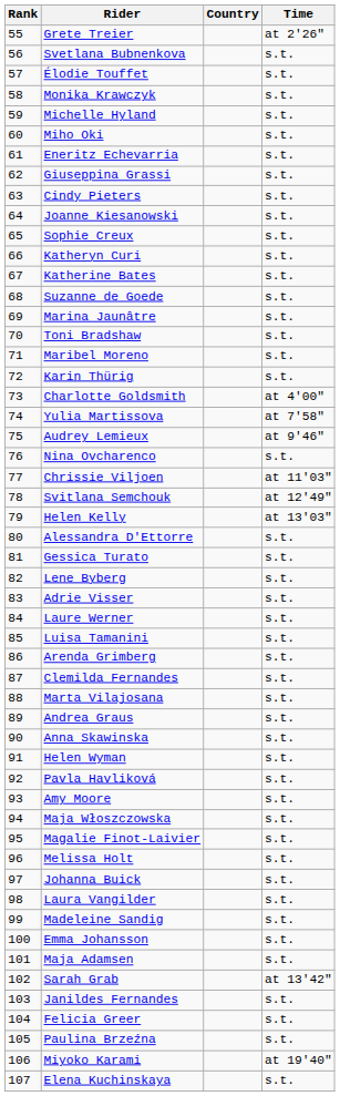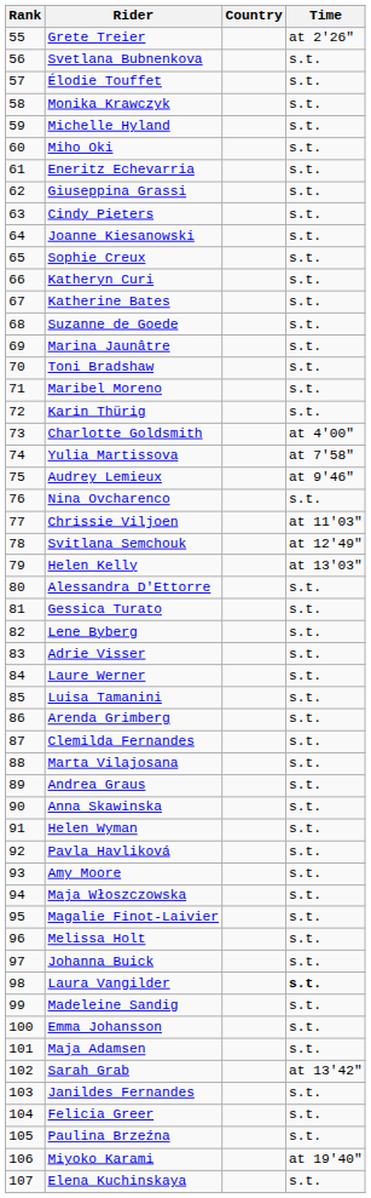 <table class="wikitable" style="font-size:95%; text-align:left;">
 <tr>
 <th>Rank</th>
 <th>Rider</th>
 <th>Country</th>
 <th>Time</th>
 </tr>
 <tr>
 <td>55</td>
 <td><a href='#'>Grete Treier</a></td>
 <td></td>
 <td>at 2'26"</td>
 </tr>
 <tr>
 <td>56</td>
 <td><a href='#'>Svetlana Bubnenkova</a></td>
 <td></td>
 <td>s.t.</td>
 </tr>
 <tr>
 <td>57</td>
 <td><a href='#'>Élodie Touffet</a></td>
 <td></td>
 <td>s.t.</td>
 </tr>
 <tr>
 <td>58</td>
 <td><a href='#'>Monika Krawczyk</a></td>
 <td></td>
 <td>s.t.</td>
 </tr>
 <tr>
 <td>59</td>
 <td><a href='#'>Michelle Hyland</a></td>
 <td></td>
 <td>s.t.</td>
 </tr>
 <tr>
 <td>60</td>
 <td><a href='#'>Miho Oki</a></td>
 <td></td>
 <td>s.t.</td>
 </tr>
 <tr>
 <td>61</td>
 <td><a href='#'>Eneritz Echevarria</a></td>
 <td></td>
 <td>s.t.</td>
 </tr>
 <tr>
 <td>62</td>
 <td><a href='#'>Giuseppina Grassi</a></td>
 <td></td>
 <td>s.t.</td>
 </tr>
 <tr>
 <td>63</td>
 <td><a href='#'>Cindy Pieters</a></td>
 <td></td>
 <td>s.t.</td>
 </tr>
 <tr>
 <td>64</td>
 <td><a href='#'>Joanne Kiesanowski</a></td>
 <td></td>
 <td>s.t.</td>
 </tr>
 <tr>
 <td>65</td>
 <td><a href='#'>Sophie Creux</a></td>
 <td></td>
 <td>s.t.</td>
 </tr>
 <tr>
 <td>66</td>
 <td><a href='#'>Katheryn Curi</a></td>
 <td></td>
 <td>s.t.</td>
 </tr>
 <tr>
 <td>67</td>
 <td><a href='#'>Katherine Bates</a></td>
 <td></td>
 <td>s.t.</td>
 </tr>
 <tr>
 <td>68</td>
 <td><a href='#'>Suzanne de Goede</a></td>
 <td></td>
 <td>s.t.</td>
 </tr>
 <tr>
 <td>69</td>
 <td><a href='#'>Marina Jaunâtre</a></td>
 <td></td>
 <td>s.t.</td>
 </tr>
 <tr>
 <td>70</td>
 <td><a href='#'>Toni Bradshaw</a></td>
 <td></td>
 <td>s.t.</td>
 </tr>
 <tr>
 <td>71</td>
 <td><a href='#'>Maribel Moreno</a></td>
 <td></td>
 <td>s.t.</td>
 </tr>
 <tr>
 <td>72</td>
 <td><a href='#'>Karin Thürig</a></td>
 <td></td>
 <td>s.t.</td>
 </tr>
 <tr>
 <td>73</td>
 <td><a href='#'>Charlotte Goldsmith</a></td>
 <td></td>
 <td>at 4'00"</td>
 </tr>
 <tr>
 <td>74</td>
 <td><a href='#'>Yulia Martissova</a></td>
 <td></td>
 <td>at 7'58"</td>
 </tr>
 <tr>
 <td>75</td>
 <td><a href='#'>Audrey Lemieux</a></td>
 <td></td>
 <td>at 9'46"</td>
 </tr>
 <tr>
 <td>76</td>
 <td><a href='#'>Nina Ovcharenco</a></td>
 <td></td>
 <td>s.t.</td>
 </tr>
 <tr>
 <td>77</td>
 <td><a href='#'>Chrissie Viljoen</a></td>
 <td></td>
 <td>at 11'03"</td>
 </tr>
 <tr>
 <td>78</td>
 <td><a href='#'>Svitlana Semchouk</a></td>
 <td></td>
 <td>at 12'49"</td>
 </tr>
 <tr>
 <td>79</td>
 <td><a href='#'>Helen Kelly</a></td>
 <td></td>
 <td>at 13'03"</td>
 </tr>
 <tr>
 <td>80</td>
 <td><a href='#'>Alessandra D'Ettorre</a></td>
 <td></td>
 <td>s.t.</td>
 </tr>
 <tr>
 <td>81</td>
 <td><a href='#'>Gessica Turato</a></td>
 <td></td>
 <td>s.t.</td>
 </tr>
 <tr>
 <td>82</td>
 <td><a href='#'>Lene Byberg</a></td>
 <td></td>
 <td>s.t.</td>
 </tr>
 <tr>
 <td>83</td>
 <td><a href='#'>Adrie Visser</a></td>
 <td></td>
 <td>s.t.</td>
 </tr>
 <tr>
 <td>84</td>
 <td><a href='#'>Laure Werner</a></td>
 <td></td>
 <td>s.t.</td>
 </tr>
 <tr>
 <td>85</td>
 <td><a href='#'>Luisa Tamanini</a></td>
 <td></td>
 <td>s.t.</td>
 </tr>
 <tr>
 <td>86</td>
 <td><a href='#'>Arenda Grimberg</a></td>
 <td></td>
 <td>s.t.</td>
 </tr>
 <tr>
 <td>87</td>
 <td><a href='#'>Clemilda Fernandes</a></td>
 <td></td>
 <td>s.t.</td>
 </tr>
 <tr>
 <td>88</td>
 <td><a href='#'>Marta Vilajosana</a></td>
 <td></td>
 <td>s.t.</td>
 </tr>
 <tr>
 <td>89</td>
 <td><a href='#'>Andrea Graus</a></td>
 <td></td>
 <td>s.t.</td>
 </tr>
 <tr>
 <td>90</td>
 <td><a href='#'>Anna Skawinska</a></td>
 <td></td>
 <td>s.t.</td>
 </tr>
 <tr>
 <td>91</td>
 <td><a href='#'>Helen Wyman</a></td>
 <td></td>
 <td>s.t.</td>
 </tr>
 <tr>
 <td>92</td>
 <td><a href='#'>Pavla Havliková</a></td>
 <td></td>
 <td>s.t.</td>
 </tr>
 <tr>
 <td>93</td>
 <td><a href='#'>Amy Moore</a></td>
 <td></td>
 <td>s.t.</td>
 </tr>
 <tr>
 <td>94</td>
 <td><a href='#'>Maja Włoszczowska</a></td>
 <td></td>
 <td>s.t.</td>
 </tr>
 <tr>
 <td>95</td>
 <td><a href='#'>Magalie Finot-Laivier</a></td>
 <td></td>
 <td>s.t.</td>
 </tr>
 <tr>
 <td>96</td>
 <td><a href='#'>Melissa Holt</a></td>
 <td></td>
 <td>s.t.</td>
 </tr>
 <tr>
 <td>97</td>
 <td><a href='#'>Johanna Buick</a></td>
 <td></td>
 <td>s.t.</td>
 </tr>
 <tr>
 <td>98</td>
 <td><a href='#'>Laura Vangilder</a></td>
 <td></td>
-<td>s.t.</td>
+<td><strong>s.t.</strong></td>
 </tr>
 <tr>
 <td>99</td>
 <td><a href='#'>Madeleine Sandig</a></td>
 <td></td>
 <td>s.t.</td>
 </tr>
 <tr>
 <td>100</td>
 <td><a href='#'>Emma Johansson</a></td>
 <td></td>
 <td>s.t.</td>
 </tr>
 <tr>
 <td>101</td>
 <td><a href='#'>Maja Adamsen</a></td>
 <td></td>
 <td>s.t.</td>
 </tr>
 <tr>
 <td>102</td>
 <td><a href='#'>Sarah Grab</a></td>
 <td></td>
 <td>at 13'42"</td>
 </tr>
 <tr>
 <td>103</td>
 <td><a href='#'>Janildes Fernandes</a></td>
 <td></td>
 <td>s.t.</td>
 </tr>
 <tr>
 <td>104</td>
 <td><a href='#'>Felicia Greer</a></td>
 <td></td>
 <td>s.t.</td>
 </tr>
 <tr>
 <td>105</td>
 <td><a href='#'>Paulina Brzeźna</a></td>
 <td></td>
 <td>s.t.</td>
 </tr>
 <tr>
 <td>106</td>
 <td><a href='#'>Miyoko Karami</a></td>
 <td></td>
 <td>at 19'40"</td>
 </tr>
 <tr>
 <td>107</td>
 <td><a href='#'>Elena Kuchinskaya</a></td>
 <td></td>
 <td>s.t.</td>
 </tr>
 </table>
